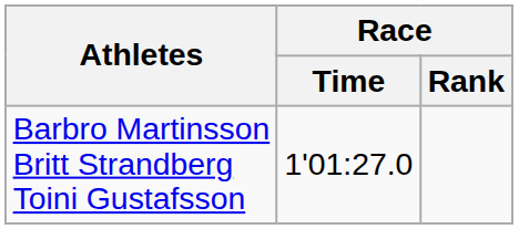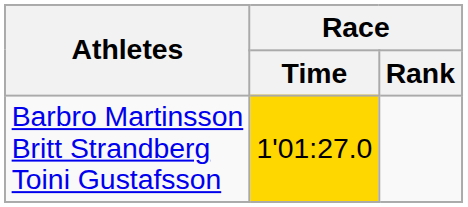 <table class="wikitable" border="1" style="font-size:90%">
 <tr>
 <th rowspan=2>Athletes</th>
 <th colspan=2>Race</th>
 </tr>
 <tr>
 <th>Time</th>
 <th>Rank</th>
 </tr>
 <tr>
 <td><a href='#'>Barbro Martinsson</a><br><a href='#'>Britt Strandberg</a><br><a href='#'>Toini Gustafsson</a></td>
-<td align=center>1'01:27.0</td>
+<td align=center style="background: gold;">1'01:27.0</td>
 <td align=center></td>
 </tr>
 </table>
